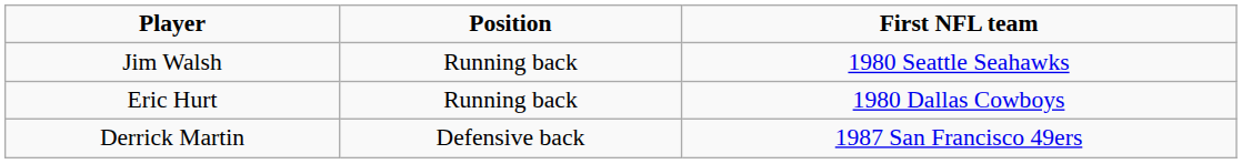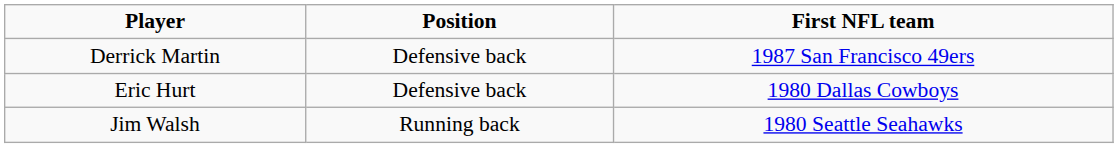 <table class="wikitable" width="65%">
 <tr align="center">
 <td><strong>Player</strong></td>
 <td><strong>Position</strong></td>
 <td><strong>First NFL team</strong></td>
 </tr>
 <tr align="center" bgcolor="">
+<td>Derrick Martin</td>
+<td>Defensive back</td>
+<td><a href='#'>1987 San Francisco 49ers</a></td>
+</tr>
+<tr align="center" bgcolor="">
+<td>Eric Hurt</td>
+<td>Defensive back</td>
+<td><a href='#'>1980 Dallas Cowboys</a></td>
+</tr>
+<tr align="center" bgcolor="">
 <td>Jim Walsh</td>
 <td>Running back</td>
 <td><a href='#'>1980 Seattle Seahawks</a></td>
 </tr>
-<tr align="center" bgcolor="">
-<td>Eric Hurt</td>
-<td>Running back</td>
-<td><a href='#'>1980 Dallas Cowboys</a></td>
-</tr>
-<tr align="center" bgcolor="">
-<td>Derrick Martin</td>
-<td>Defensive back</td>
-<td><a href='#'>1987 San Francisco 49ers</a></td>
-</tr>
 </table>
